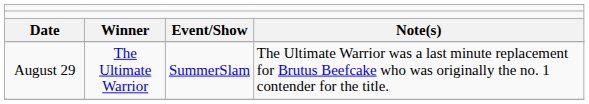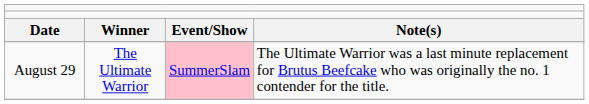 <table class="wikitable" style="text-align:center; width:100%;">
 <tr>
 <td colspan="5"></td>
 </tr>
 <tr>
 <td colspan="5"><strong></strong></td>
 </tr>
 <tr>
 <th width="14%">Date</th>
 <th width="14%">Winner</th>
 <th width="14%">Event/Show</th>
 <th width="58%">Note(s)</th>
 </tr>
 <tr>
 </tr>
 <tr>
 <td>August 29</td>
 <td><a href='#'>The Ultimate Warrior</a></td>
-<td><a href='#'>SummerSlam</a></td>
+<td style="background: pink;"><a href='#'>SummerSlam</a></td>
 <td align=left>The Ultimate Warrior was a last minute replacement for <a href='#'>Brutus Beefcake</a> who was originally the no. 1 contender for the title.</td>
 </tr>
 <tr>
 </tr>
 </table>
